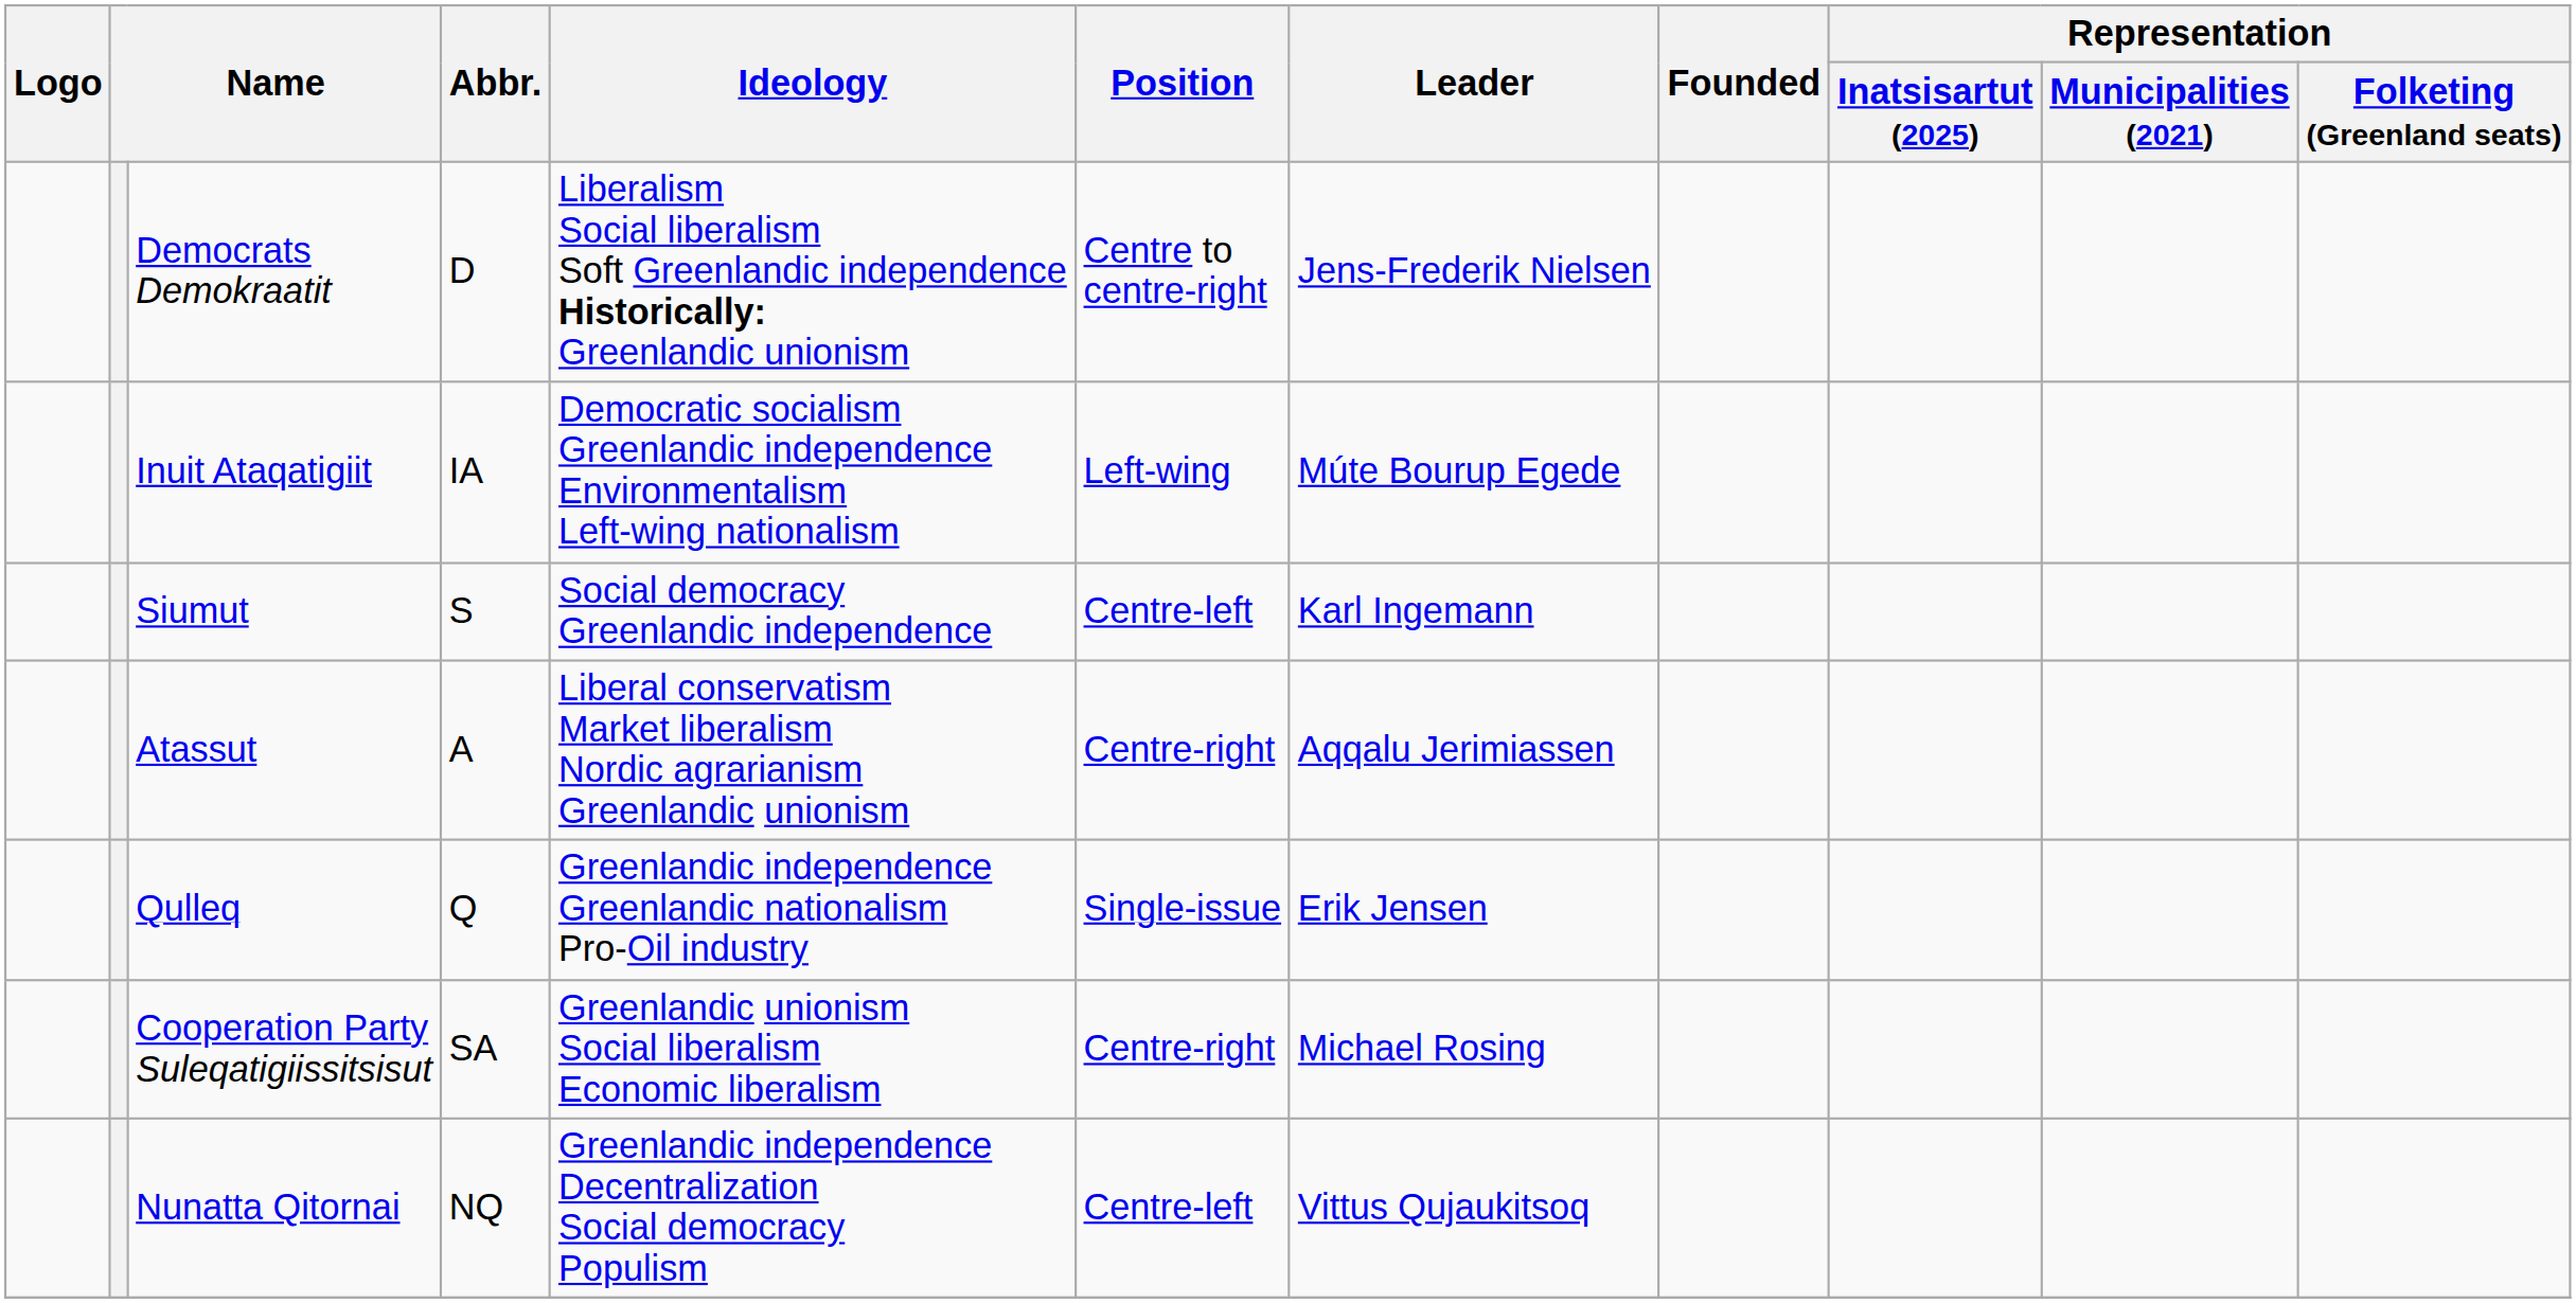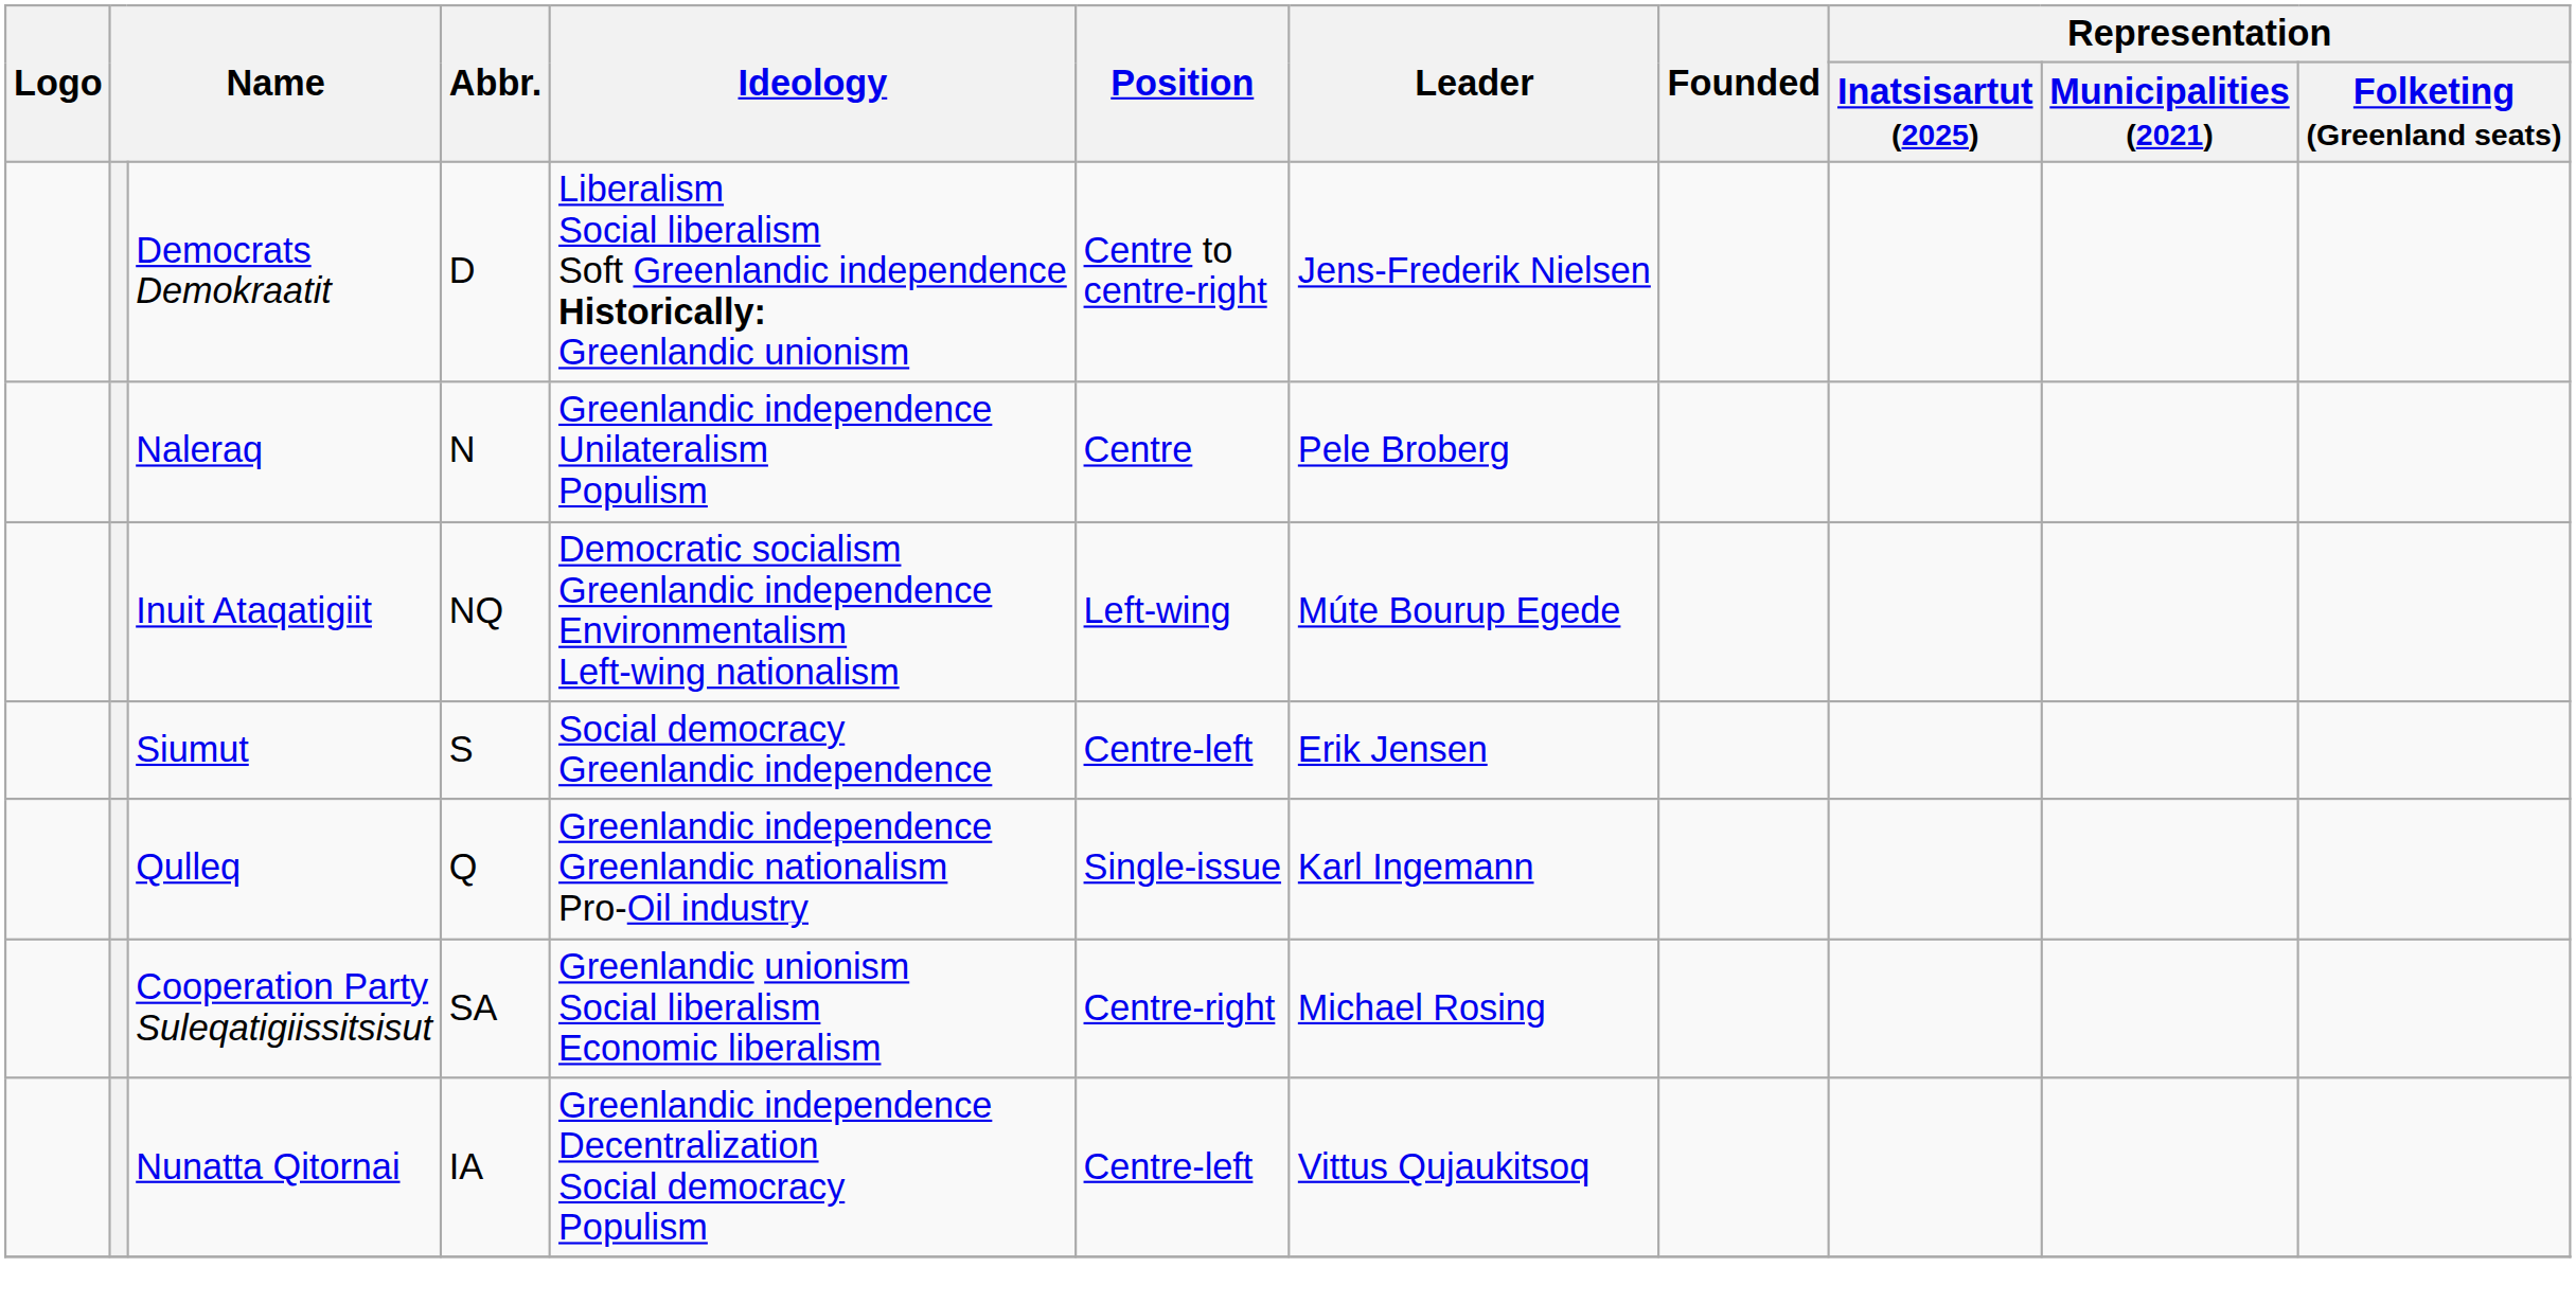 <table class="wikitable">
 <tr>
 <th rowspan=2>Logo</th>
 <th rowspan=2 colspan=2>Name</th>
 <th rowspan=2>Abbr.</th>
 <th rowspan=2><a href='#'>Ideology</a></th>
 <th rowspan=2><a href='#'>Position</a></th>
 <th rowspan=2>Leader</th>
 <th rowspan=2>Founded</th>
 <th colspan=3>Representation</th>
 </tr>
 <tr>
 <th><a href='#'>Inatsisartut</a> <br> <small>(<a href='#'>2025</a>)</small></th>
 <th><a href='#'>Municipalities</a> <br> <small>(<a href='#'>2021</a>)</small></th>
 <th><a href='#'>Folketing</a> <br> <small>(Greenland seats)</small></th>
 </tr>
 <tr>
 <td></td>
 <th style="background:"></th>
 <td><a href='#'>Democrats</a><br><em>Demokraatit</em></td>
 <td>D</td>
 <td><a href='#'>Liberalism</a><br><a href='#'>Social liberalism</a><br> Soft <a href='#'>Greenlandic independence</a><br><strong>Historically:</strong><br><a href='#'>Greenlandic unionism</a></td>
 <td><a href='#'>Centre</a> to<br><a href='#'>centre-right</a></td>
 <td><a href='#'>Jens-Frederik Nielsen</a></td>
 <td></td>
 <td></td>
 <td></td>
 <td></td>
 </tr>
 <tr>
 <td></td>
 <th style="background:"></th>
+<td><a href='#'>Naleraq</a><br><em></em></td>
+<td>N</td>
+<td><a href='#'>Greenlandic&nbsp;independence</a><br><a href='#'>Unilateralism</a><br><a href='#'>Populism</a></td>
+<td><a href='#'>Centre</a></td>
+<td><a href='#'>Pele Broberg</a></td>
+<td></td>
+<td></td>
+<td></td>
+<td></td>
+</tr>
+<tr>
+<td></td>
+<th style="background:"></th>
 <td><a href='#'>Inuit Ataqatigiit</a><br><em></em></td>
-<td>IA</td>
+<td>NQ</td>
 <td><a href='#'>Democratic socialism</a><br><a href='#'>Greenlandic independence</a><br><a href='#'>Environmentalism</a><br><a href='#'>Left-wing nationalism</a><br></td>
 <td><a href='#'>Left-wing</a></td>
 <td><a href='#'>Múte Bourup Egede</a></td>
 <td></td>
 <td></td>
 <td></td>
 <td></td>
 </tr>
 <tr>
 <td></td>
 <th style="background:"></th>
 <td><a href='#'>Siumut</a><br><em></em></td>
 <td>S</td>
 <td><a href='#'>Social democracy</a><br><a href='#'>Greenlandic independence</a></td>
 <td><a href='#'>Centre-left</a></td>
-<td><a href='#'>Karl Ingemann</a></td>
-<td></td>
-<td></td>
-<td></td>
-<td></td>
-</tr>
-<tr>
-<td></td>
-<th style="background:"></th>
-<td><a href='#'>Atassut</a><br><em></em></td>
-<td>A</td>
-<td><a href='#'>Liberal conservatism</a><br><a href='#'>Market liberalism</a><br><a href='#'>Nordic agrarianism</a><br><a href='#'>Greenlandic</a> <a href='#'>unionism</a></td>
-<td><a href='#'>Centre-right</a></td>
-<td><a href='#'>Aqqalu Jerimiassen</a></td>
+<td><a href='#'>Erik Jensen</a></td>
 <td></td>
 <td></td>
 <td></td>
 <td></td>
 </tr>
 <tr>
 <td></td>
 <th style="background:"></th>
 <td><a href='#'>Qulleq</a><br><em></em></td>
 <td>Q</td>
 <td><a href='#'>Greenlandic&nbsp;independence</a><br><a href='#'>Greenlandic nationalism</a><br>Pro-<a href='#'>Oil industry</a></td>
 <td><a href='#'>Single-issue</a></td>
-<td><a href='#'>Erik Jensen</a></td>
+<td><a href='#'>Karl Ingemann</a></td>
 <td></td>
 <td></td>
 <td></td>
 <td></td>
 </tr>
 <tr>
 <td></td>
 <th style="background:"></th>
 <td><a href='#'>Cooperation Party</a><br><em>Suleqatigiissitsisut</em></td>
 <td>SA</td>
 <td><a href='#'>Greenlandic</a> <a href='#'>unionism</a><br> <a href='#'>Social liberalism</a><br> <a href='#'>Economic liberalism</a></td>
 <td><a href='#'>Centre-right</a></td>
 <td><a href='#'>Michael Rosing</a></td>
 <td></td>
 <td></td>
 <td></td>
 <td></td>
 </tr>
 <tr>
 <td></td>
 <th style="background:"></th>
 <td><a href='#'>Nunatta Qitornai</a><br><em></em></td>
-<td>NQ</td>
+<td>IA</td>
 <td><a href='#'>Greenlandic&nbsp;independence</a><br><a href='#'>Decentralization</a><br><a href='#'>Social democracy</a><br><a href='#'>Populism</a></td>
 <td><a href='#'>Centre-left</a></td>
 <td><a href='#'>Vittus Qujaukitsoq</a></td>
 <td></td>
 <td></td>
 <td></td>
 <td></td>
 </tr>
 <tr>
 </tr>
 </table>
